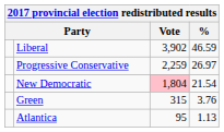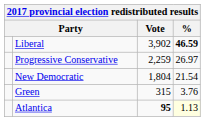 <table class="wikitable">
 <tr>
 <th colspan="4"><a href='#'>2017 provincial election</a> redistributed results</th>
 </tr>
 <tr>
 <th bgcolor="#DDDDFF" width="130px" colspan="2">Party</th>
 <th bgcolor="#DDDDFF" width="50px">Vote</th>
 <th bgcolor="#DDDDFF" width="30px">%</th>
 </tr>
 <tr>
 <td> </td>
 <td><a href='#'>Liberal</a></td>
 <td align=right>3,902</td>
-<td align=right>46.59</td>
+<td align=right><strong>46.59</strong></td>
 </tr>
 <tr>
 <td> </td>
 <td><a href='#'>Progressive Conservative</a></td>
 <td align=right>2,259</td>
 <td align=right>26.97</td>
 </tr>
 <tr>
 <td> </td>
 <td><a href='#'>New Democratic</a></td>
-<td align=right style="background: pink;">1,804</td>
+<td align=right>1,804</td>
 <td align=right>21.54</td>
 </tr>
 <tr>
 <td> </td>
 <td><a href='#'>Green</a></td>
 <td align=right>315</td>
 <td align=right>3.76</td>
 </tr>
 <tr>
 <td> </td>
 <td><a href='#'>Atlantica</a></td>
-<td align=right>95</td>
-<td align=right>1.13</td>
+<td align=right><strong>95</strong></td>
+<td align=right style="background: lightyellow;">1.13</td>
 </tr>
 </table>
